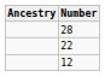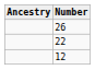 <table style="float: center;" class="wikitable">
 <tr>
 <th style="background:#efefef;">Ancestry</th>
 <th style="background:#efefef;">Number</th>
 </tr>
 <tr>
 <td></td>
-<td>28</td>
+<td>26</td>
 </tr>
 <tr>
 <td></td>
 <td>22</td>
 </tr>
 <tr>
 <td></td>
 <td>12</td>
 </tr>
 </table>
